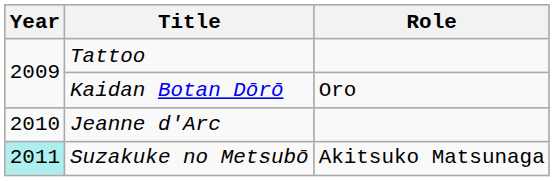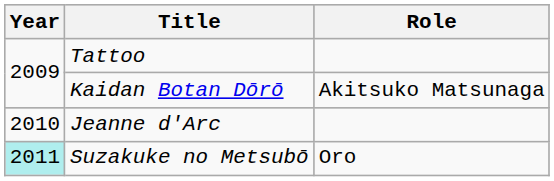 <table class="wikitable">
 <tr>
 <th>Year</th>
 <th>Title</th>
 <th>Role</th>
 </tr>
 <tr>
 <td rowspan="2">2009</td>
 <td><em>Tattoo</em></td>
 <td></td>
 </tr>
 <tr>
 <td><em>Kaidan <a href='#'>Botan Dōrō</a></em></td>
-<td>Oro</td>
+<td>Akitsuko Matsunaga</td>
 </tr>
 <tr>
 <td>2010</td>
 <td><em>Jeanne d'Arc</em></td>
 <td></td>
 </tr>
 <tr>
 <td style="background: paleturquoise;">2011</td>
 <td><em>Suzakuke no Metsubō</em></td>
-<td>Akitsuko Matsunaga</td>
+<td>Oro</td>
 </tr>
 </table>
